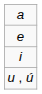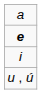 <table class="wikitable" style="text-align:center;">
 <tr>
 <td><em>a</em> </td>
 </tr>
 <tr>
-<td><em>e</em> </td>
+<td><strong><em>e</em> </strong></td>
 </tr>
 <tr>
 <td><em>i</em> </td>
 </tr>
 <tr>
 <td><em>u</em> , <em>ú</em> </td>
 </tr>
 </table>
